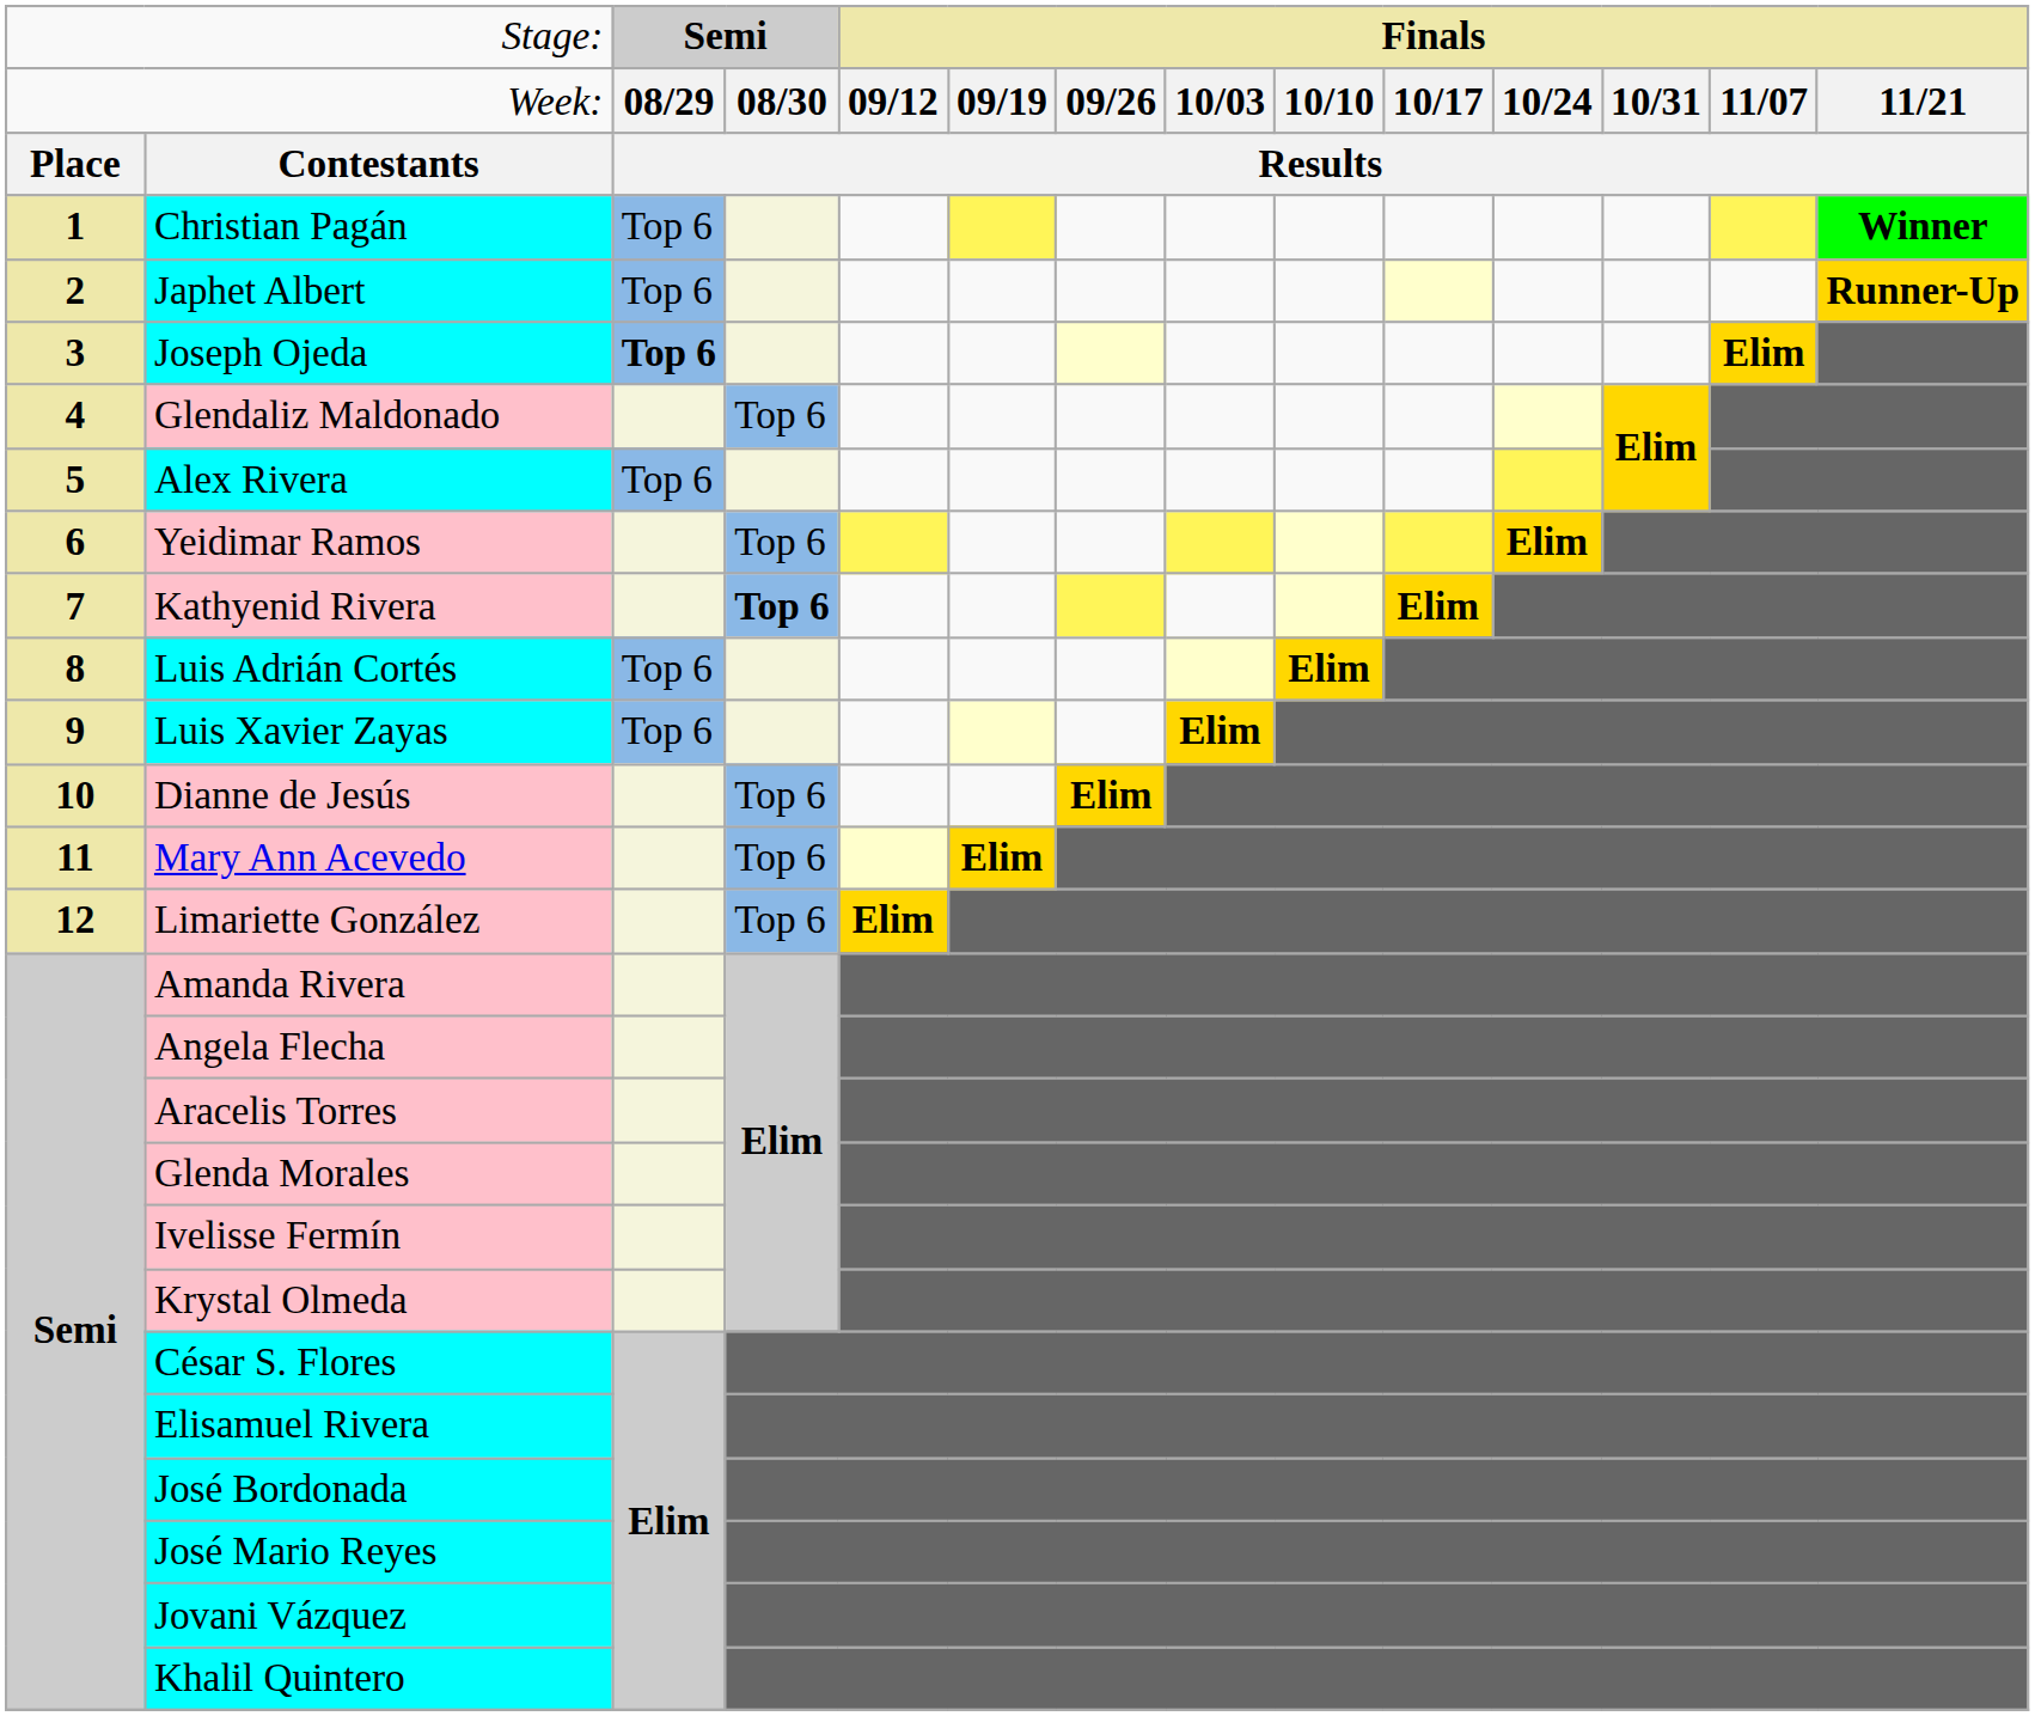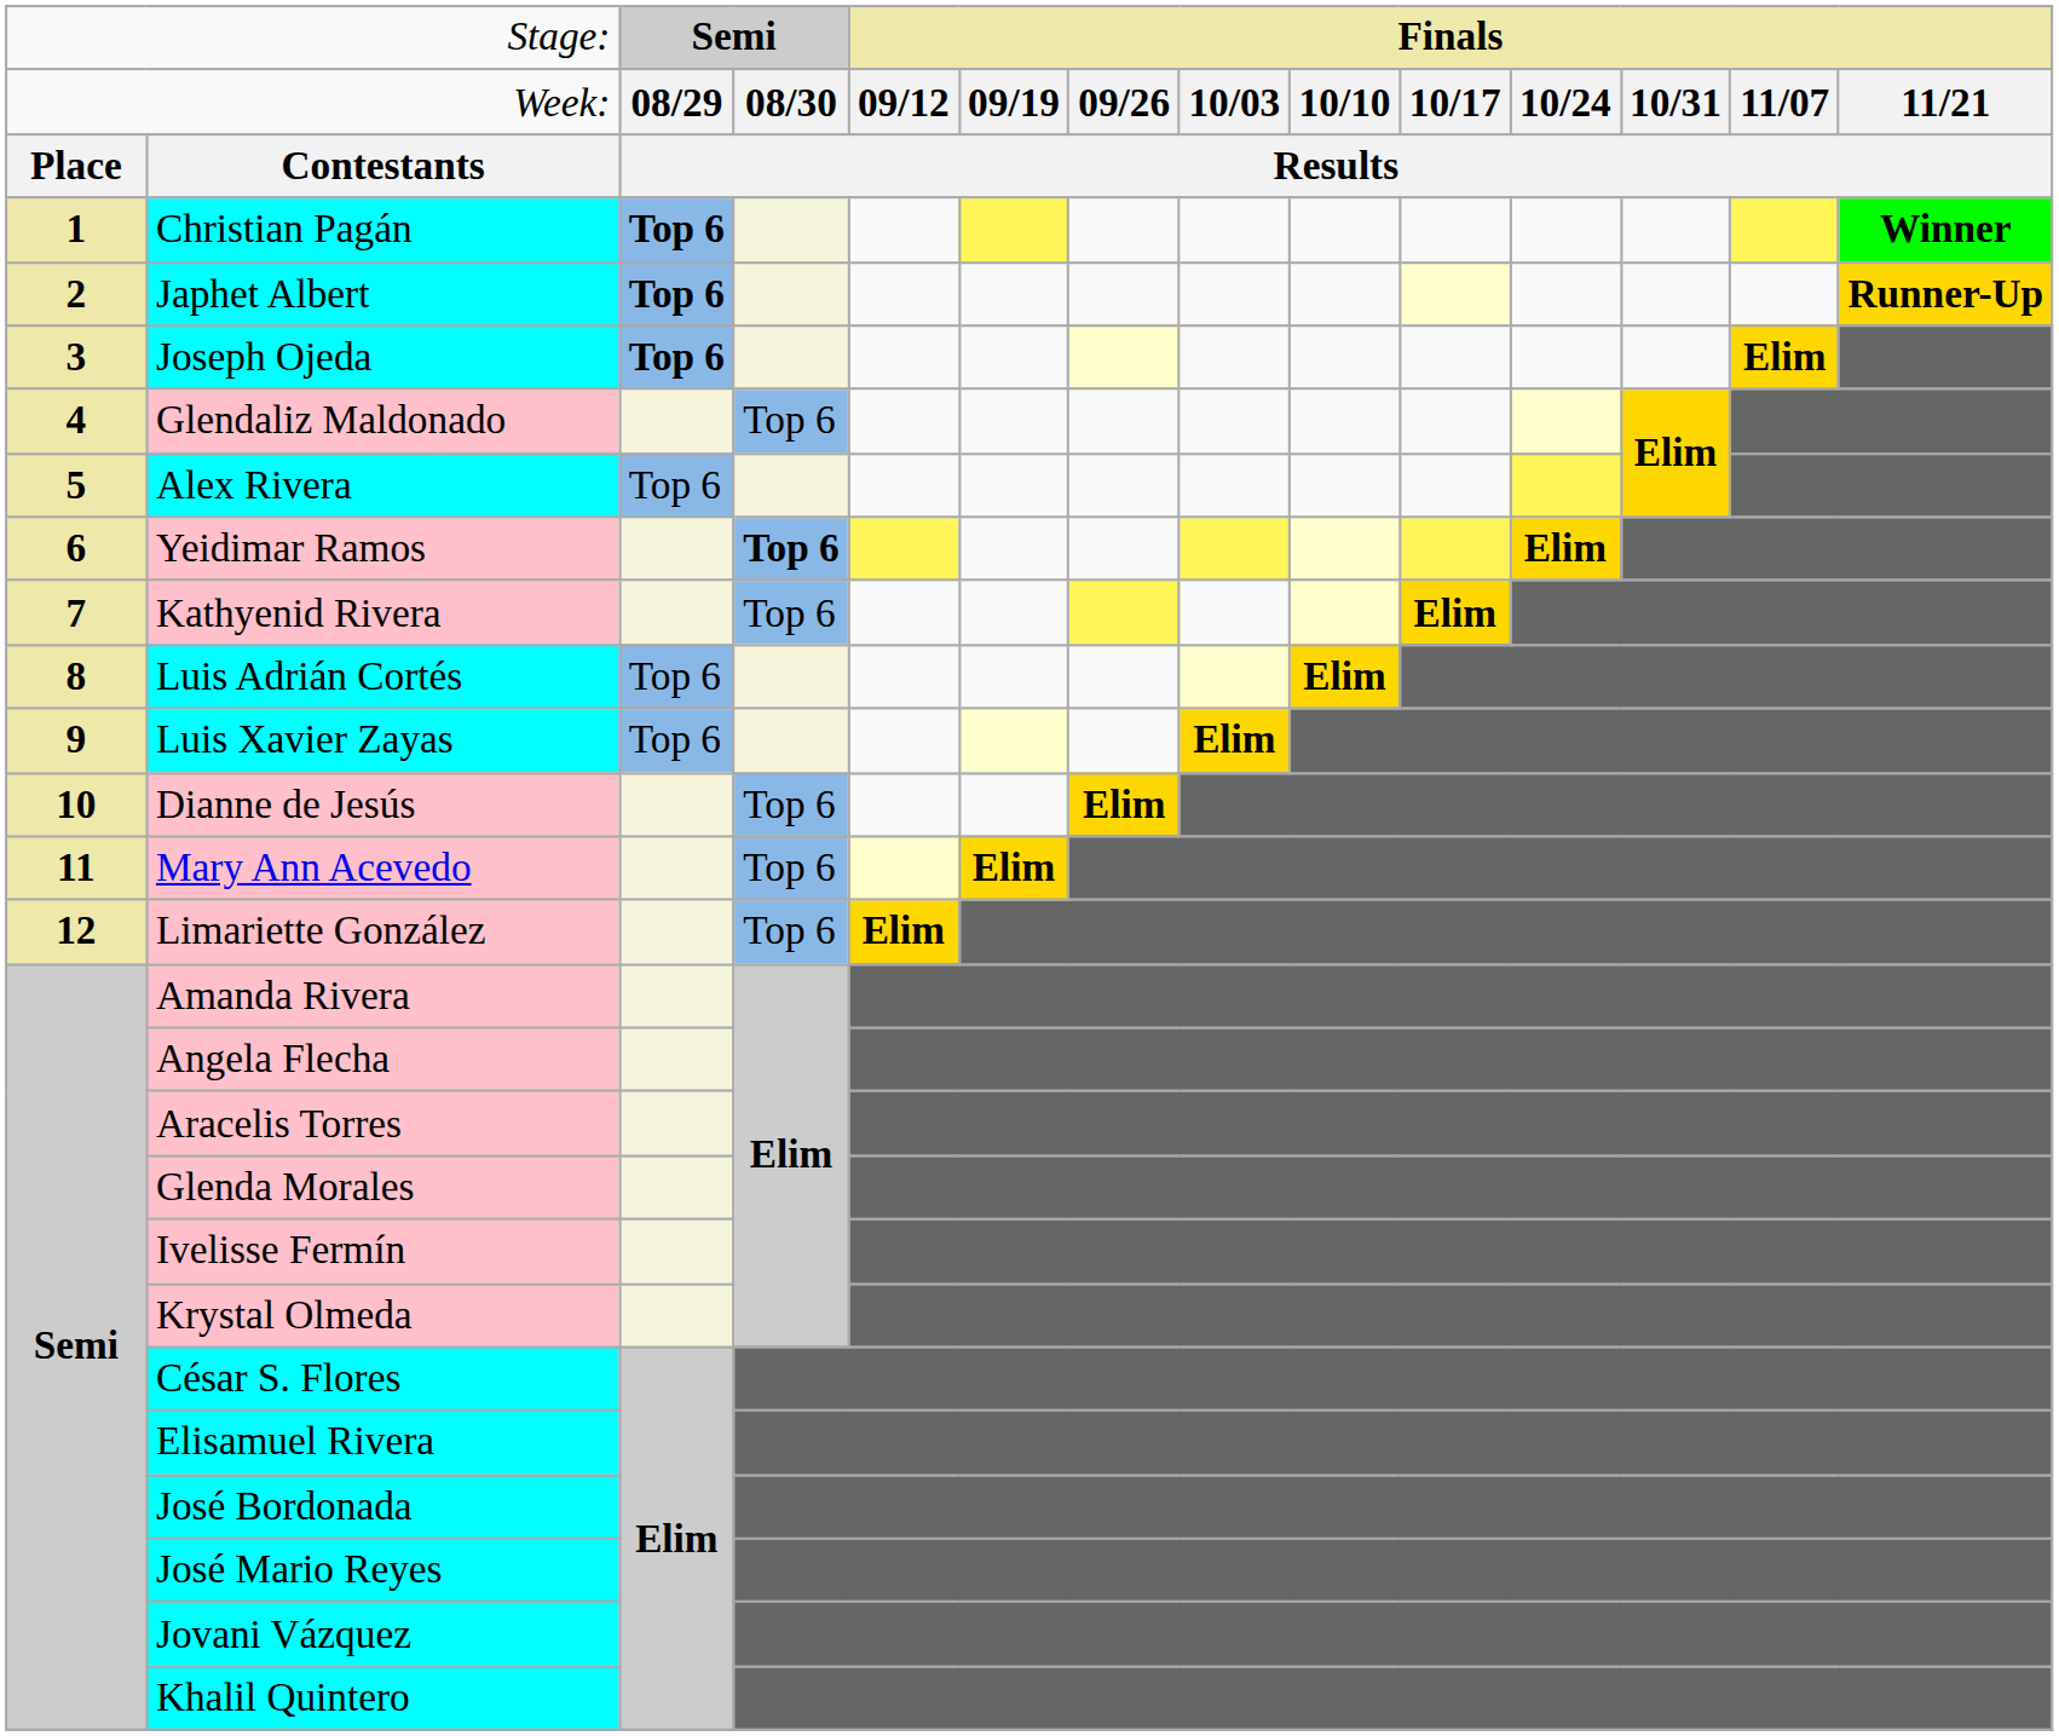 <table class="wikitable" style="margin:auto">
 <tr>
 <td width=30% colspan="2" align="right"><em>Stage:</em></td>
 <td bgcolor="CCCCCC" colspan="2" align="Center"><strong>Semi</strong></td>
 <td colspan="15" bgcolor="palegoldenrod" align="Center"><strong>Finals</strong></td>
 </tr>
 <tr>
 <td colspan="2" align="right"><em>Week:</em></td>
 <th>08/29</th>
 <th>08/30</th>
 <th>09/12</th>
 <th>09/19</th>
 <th>09/26</th>
 <th>10/03</th>
 <th>10/10</th>
 <th>10/17</th>
 <th>10/24</th>
 <th>10/31</th>
 <th>11/07</th>
 <th>11/21</th>
 </tr>
 <tr>
 <th>Place</th>
 <th>Contestants</th>
 <th colspan="16" align="center">Results</th>
 </tr>
 <tr>
 <td align="center" bgcolor="palegoldenrod"><strong>1</strong></td>
 <td bgcolor="cyan">Christian Pagán</td>
-<td style="background:#8ab8e6;">Top 6</td>
+<td style="background:#8ab8e6;"><strong>Top 6</strong></td>
 <td bgcolor="F5F5DC"></td>
 <td></td>
 <td bgcolor="#FFF558" align="center"></td>
 <td></td>
 <td></td>
 <td></td>
 <td></td>
 <td></td>
 <td></td>
 <td bgcolor="#FFF558" align="center"></td>
 <td bgcolor="lime" align="center"><strong>Winner</strong></td>
 </tr>
 <tr>
 <td align="center" bgcolor="palegoldenrod"><strong>2</strong></td>
 <td bgcolor="cyan">Japhet Albert</td>
-<td style="background:#8ab8e6;">Top 6</td>
+<td style="background:#8ab8e6;"><strong>Top 6</strong></td>
 <td bgcolor="F5F5DC"></td>
 <td></td>
 <td></td>
 <td></td>
 <td></td>
 <td></td>
 <td bgcolor="#FFFFCC" align="center"></td>
 <td></td>
 <td></td>
 <td></td>
 <td bgcolor="gold" align="center"><strong>Runner-Up</strong></td>
 </tr>
 <tr>
 <td align="center" bgcolor="palegoldenrod"><strong>3</strong></td>
 <td bgcolor="cyan">Joseph Ojeda</td>
 <td style="background:#8ab8e6;"><strong>Top 6</strong></td>
 <td bgcolor="F5F5DC"></td>
 <td></td>
 <td></td>
 <td bgcolor="#FFFFCC" align="center"></td>
 <td></td>
 <td></td>
 <td></td>
 <td></td>
 <td></td>
 <td bgcolor="gold" align="center"><strong>Elim</strong></td>
 <td colspan="10" bgcolor="666666"></td>
 </tr>
 <tr>
 <td align="center" bgcolor="palegoldenrod"><strong>4</strong></td>
 <td bgcolor="pink">Glendaliz Maldonado</td>
 <td bgcolor="F5F5DC"></td>
 <td style="background:#8ab8e6;">Top 6</td>
 <td></td>
 <td></td>
 <td></td>
 <td></td>
 <td></td>
 <td></td>
 <td bgcolor="#FFFFCC" align="center"></td>
 <td bgcolor="gold" align="center" rowspan=2><strong>Elim</strong></td>
 <td colspan="10" bgcolor="666666"></td>
 </tr>
 <tr>
 <td align="center" bgcolor="palegoldenrod"><strong>5</strong></td>
 <td bgcolor="cyan">Alex Rivera</td>
 <td style="background:#8ab8e6;">Top 6</td>
 <td bgcolor="F5F5DC"></td>
 <td></td>
 <td></td>
 <td></td>
 <td></td>
 <td></td>
 <td></td>
 <td bgcolor="#FFF558" align="center"></td>
 <td colspan="10" bgcolor="666666"></td>
 </tr>
 <tr>
 <td align="center" bgcolor="palegoldenrod"><strong>6</strong></td>
 <td bgcolor="pink">Yeidimar Ramos</td>
 <td bgcolor="F5F5DC"></td>
-<td style="background:#8ab8e6;">Top 6</td>
+<td style="background:#8ab8e6;"><strong>Top 6</strong></td>
 <td bgcolor="#FFF558" align="center"></td>
 <td></td>
 <td></td>
 <td bgcolor="#FFF558" align="center"></td>
 <td bgcolor="#FFFFCC" align="center"></td>
 <td bgcolor="#FFF558" align="center"></td>
 <td bgcolor="gold" align="center"><strong>Elim</strong></td>
 <td colspan="10" bgcolor="666666"></td>
 </tr>
 <tr>
 <td align="center" bgcolor="palegoldenrod"><strong>7</strong></td>
 <td bgcolor="pink">Kathyenid Rivera</td>
 <td bgcolor="F5F5DC"></td>
-<td style="background:#8ab8e6;"><strong>Top 6</strong></td>
+<td style="background:#8ab8e6;">Top 6</td>
 <td></td>
 <td></td>
 <td bgcolor="#FFF558" align="center"></td>
 <td></td>
 <td bgcolor="#FFFFCC" align="center"></td>
 <td bgcolor="gold" align="center"><strong>Elim</strong></td>
 <td colspan="10" bgcolor="666666"></td>
 </tr>
 <tr>
 <td align="center" bgcolor="palegoldenrod"><strong>8</strong></td>
 <td bgcolor="cyan">Luis Adrián Cortés</td>
 <td style="background:#8ab8e6;">Top 6</td>
 <td bgcolor="F5F5DC"></td>
 <td></td>
 <td></td>
 <td></td>
 <td bgcolor="#FFFFCC" align="center"></td>
 <td bgcolor="gold" align="center"><strong>Elim</strong></td>
 <td colspan="10" bgcolor="666666"></td>
 </tr>
 <tr>
 <td align="center" bgcolor="palegoldenrod"><strong>9</strong></td>
 <td bgcolor="cyan">Luis Xavier Zayas</td>
 <td style="background:#8ab8e6;">Top 6</td>
 <td bgcolor="F5F5DC"></td>
 <td></td>
 <td bgcolor="#FFFFCC" align="center"></td>
 <td></td>
 <td bgcolor="gold" align="center"><strong>Elim</strong></td>
 <td colspan="10" bgcolor="666666"></td>
 </tr>
 <tr>
 <td align="center" bgcolor="palegoldenrod"><strong>10</strong></td>
 <td bgcolor="pink">Dianne de Jesús</td>
 <td bgcolor="F5F5DC"></td>
 <td style="background:#8ab8e6;">Top 6</td>
 <td></td>
 <td></td>
 <td bgcolor="gold" align="center"><strong>Elim</strong></td>
 <td colspan="10" bgcolor="666666"></td>
 </tr>
 <tr>
 <td align="center" bgcolor="palegoldenrod"><strong>11</strong></td>
 <td bgcolor="pink"><a href='#'>Mary Ann Acevedo</a></td>
 <td bgcolor="F5F5DC"></td>
 <td style="background:#8ab8e6;">Top 6</td>
 <td bgcolor="#FFFFCC" align="center"></td>
 <td bgcolor="gold" align="center"><strong>Elim</strong></td>
 <td colspan="9" bgcolor="666666"></td>
 </tr>
 <tr>
 <td align="center" bgcolor="palegoldenrod"><strong>12</strong></td>
 <td bgcolor="pink">Limariette González</td>
 <td bgcolor="F5F5DC"></td>
 <td style="background:#8ab8e6;">Top 6</td>
 <td bgcolor="gold" align="center"><strong>Elim</strong></td>
 <td colspan="10" bgcolor="666666"></td>
 </tr>
 <tr>
 <td bgcolor="CCCCCC" align="center" rowspan="12"><strong>Semi</strong></td>
 <td bgcolor="pink">Amanda Rivera</td>
 <td bgcolor="F5F5DC"></td>
 <td bgcolor="#CCCCCC" align="center" rowspan=6><strong>Elim</strong></td>
 <td colspan="10" bgcolor="666666"></td>
 </tr>
 <tr>
 <td bgcolor="pink">Angela Flecha</td>
 <td bgcolor="F5F5DC"></td>
 <td colspan="10" bgcolor="666666"></td>
 </tr>
 <tr>
 <td bgcolor="pink">Aracelis Torres</td>
 <td bgcolor="F5F5DC"></td>
 <td colspan="10" bgcolor="666666"></td>
 </tr>
 <tr>
 <td bgcolor="pink">Glenda Morales</td>
 <td bgcolor="F5F5DC"></td>
 <td colspan="10" bgcolor="666666"></td>
 </tr>
 <tr>
 <td bgcolor="pink">Ivelisse Fermín</td>
 <td bgcolor="F5F5DC"></td>
 <td colspan="10" bgcolor="666666"></td>
 </tr>
 <tr>
 <td bgcolor="pink">Krystal Olmeda</td>
 <td bgcolor="F5F5DC"></td>
 <td colspan="10" bgcolor="666666"></td>
 </tr>
 <tr>
 <td bgcolor="cyan">César S. Flores</td>
 <td bgcolor="#CCCCCC" align="center" rowspan=6><strong>Elim</strong></td>
 <td colspan="11" bgcolor="666666"></td>
 </tr>
 <tr>
 <td bgcolor="cyan">Elisamuel Rivera</td>
 <td colspan="11" bgcolor="666666"></td>
 </tr>
 <tr>
 <td bgcolor="cyan">José Bordonada</td>
 <td colspan="11" bgcolor="666666"></td>
 </tr>
 <tr>
 <td bgcolor="cyan">José Mario Reyes</td>
 <td colspan="11" bgcolor="666666"></td>
 </tr>
 <tr>
 <td bgcolor="cyan">Jovani Vázquez</td>
 <td colspan="11" bgcolor="666666"></td>
 </tr>
 <tr>
 <td bgcolor="cyan">Khalil Quintero</td>
 <td colspan="11" bgcolor="666666"></td>
 </tr>
 <tr>
 </tr>
 </table>
